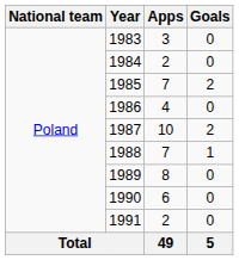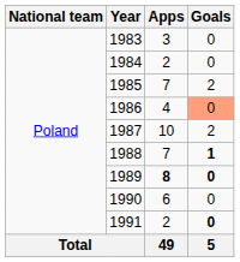 <table class="wikitable" style="text-align:center">
 <tr>
 <th>National team</th>
 <th>Year</th>
 <th>Apps</th>
 <th>Goals</th>
 </tr>
 <tr>
 <td rowspan="9"><a href='#'>Poland</a></td>
 <td>1983</td>
 <td>3</td>
 <td>0</td>
 </tr>
 <tr>
 <td>1984</td>
 <td>2</td>
 <td>0</td>
 </tr>
 <tr>
 <td>1985</td>
 <td>7</td>
 <td>2</td>
 </tr>
 <tr>
 <td>1986</td>
 <td>4</td>
-<td>0</td>
+<td style="background: lightsalmon;">0</td>
 </tr>
 <tr>
 <td>1987</td>
 <td>10</td>
 <td>2</td>
 </tr>
 <tr>
 <td>1988</td>
 <td>7</td>
-<td>1</td>
+<td><strong>1</strong></td>
 </tr>
 <tr>
 <td>1989</td>
-<td>8</td>
-<td>0</td>
+<td><strong>8</strong></td>
+<td><strong>0</strong></td>
 </tr>
 <tr>
 <td>1990</td>
 <td>6</td>
 <td>0</td>
 </tr>
 <tr>
 <td>1991</td>
 <td>2</td>
-<td>0</td>
+<td><strong>0</strong></td>
 </tr>
 <tr>
 <th colspan="2">Total</th>
 <th>49</th>
 <th>5</th>
 </tr>
 </table>
